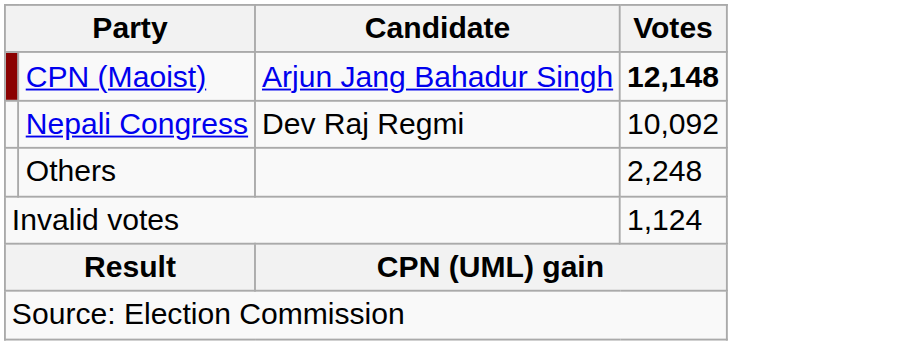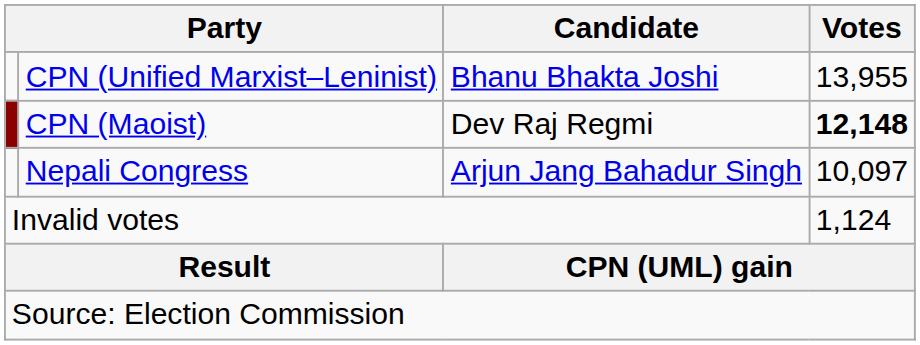 <table class="wikitable">
 <tr>
 <th colspan="2">Party</th>
 <th>Candidate</th>
 <th>Votes</th>
 </tr>
 <tr>
+<td style="color:inherit;background-color:"></td>
+<td><a href='#'>CPN (Unified Marxist–Leninist)</a></td>
+<td><a href='#'>Bhanu Bhakta Joshi</a></td>
+<td>13,955</td>
+</tr>
+<tr>
 <td style="color:inherit;background-color:darkred"></td>
 <td><a href='#'>CPN (Maoist)</a></td>
-<td><a href='#'>Arjun Jang Bahadur Singh</a></td>
+<td>Dev Raj Regmi</td>
 <td><strong>12,148</strong></td>
 </tr>
 <tr>
 <td style="color:inherit;background-color:"></td>
 <td><a href='#'>Nepali Congress</a></td>
-<td>Dev Raj Regmi</td>
-<td>10,092</td>
-</tr>
-<tr>
-<td></td>
-<td>Others</td>
-<td></td>
-<td>2,248</td>
+<td><a href='#'>Arjun Jang Bahadur Singh</a></td>
+<td>10,097</td>
 </tr>
 <tr>
 <td colspan="3">Invalid votes</td>
 <td>1,124</td>
 </tr>
 <tr>
 <th colspan="2">Result</th>
 <th colspan="2">CPN (UML) gain</th>
 </tr>
 <tr>
 <td colspan="4">Source: Election Commission</td>
 </tr>
 </table>
